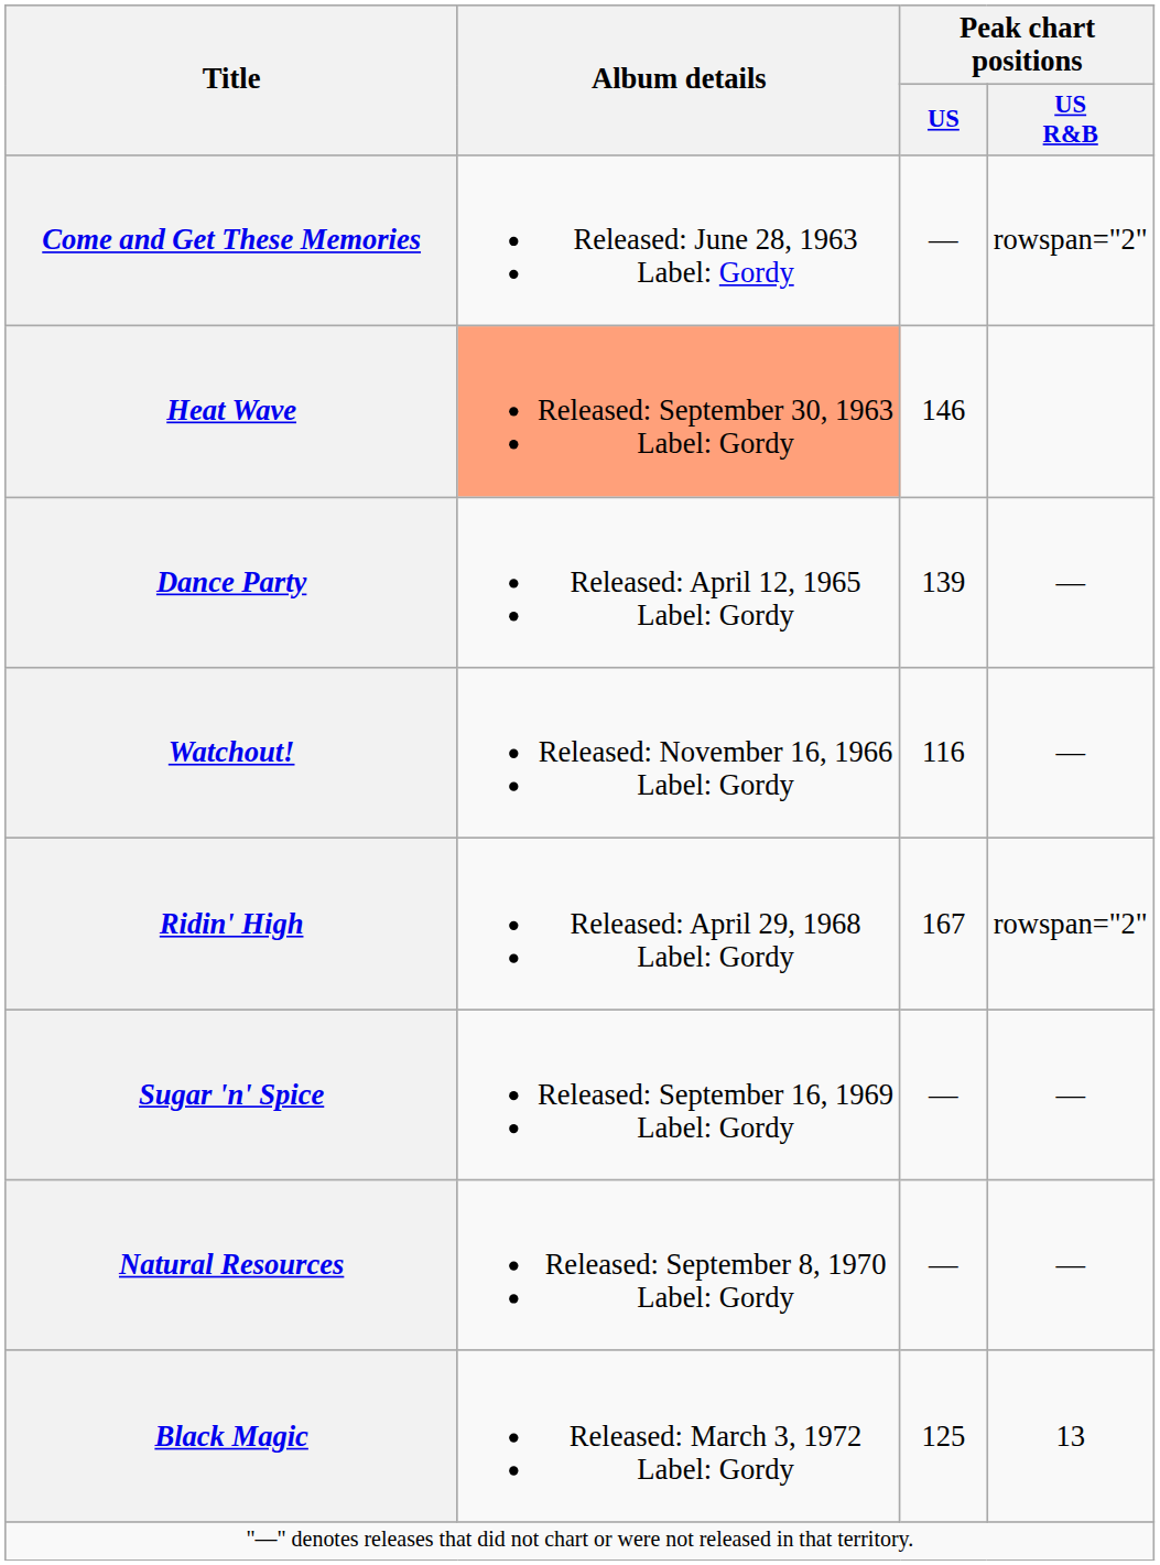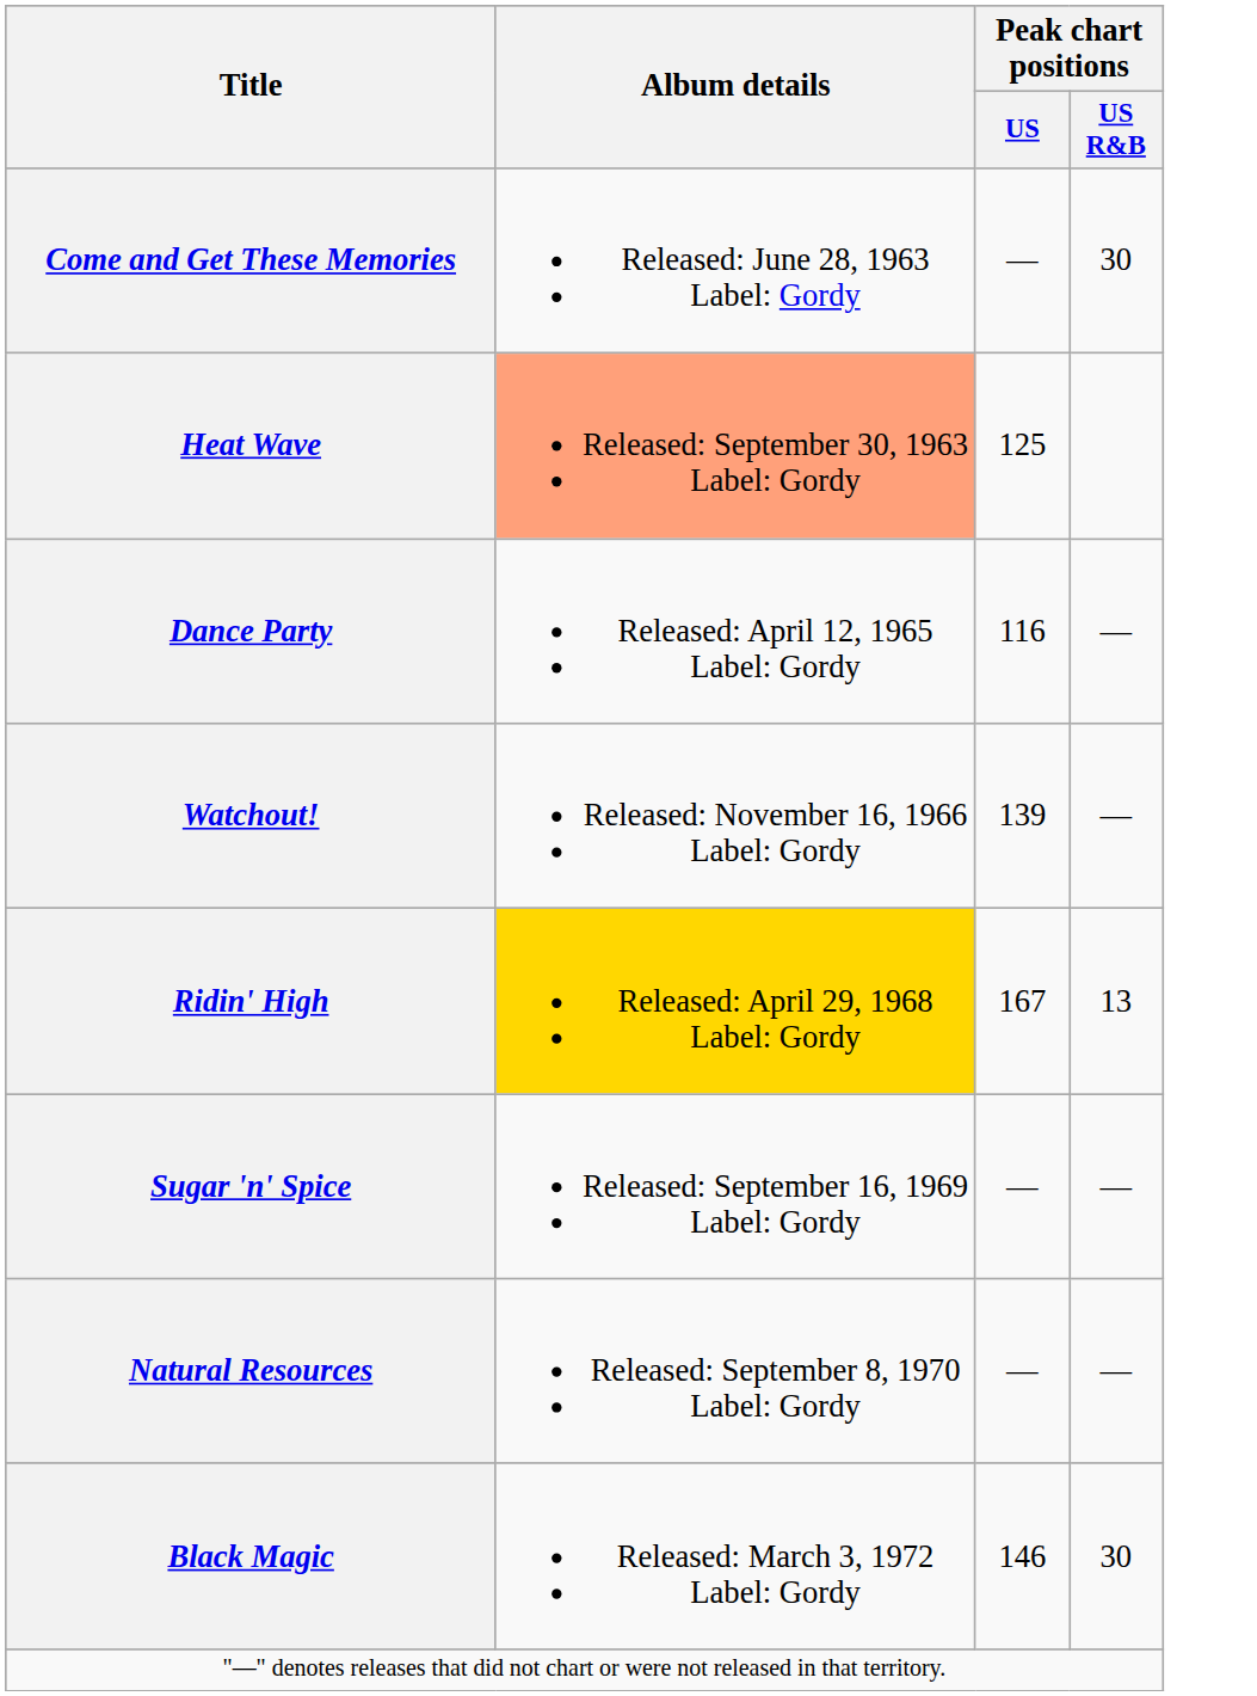 <table class="wikitable plainrowheaders" style="text-align:center;">
 <tr>
 <th rowspan="2" style="width:15em;">Title</th>
 <th rowspan="2">Album details</th>
 <th colspan="2">Peak chart positions</th>
 </tr>
 <tr>
 <th style="width:3em;font-size:85%"><a href='#'>US</a><br></th>
 <th style="width:3em;font-size:85%"><a href='#'>US<br>R&B</a><br></th>
 </tr>
 <tr>
 <th scope="row"><em><a href='#'>Come and Get These Memories</a></em></th>
 <td><br><ul><li>Released: June 28, 1963</li><li>Label: <a href='#'>Gordy</a></li></ul></td>
 <td>—</td>
-<td>rowspan="2" </td>
+<td>30</td>
 </tr>
 <tr>
 <th scope="row"><em><a href='#'>Heat Wave</a></em></th>
 <td style="background: lightsalmon;"><br><ul><li>Released: September 30, 1963</li><li>Label: Gordy</li></ul></td>
-<td>146</td>
+<td>125</td>
 </tr>
 <tr>
 <th scope="row"><em><a href='#'>Dance Party</a></em></th>
 <td><br><ul><li>Released: April 12, 1965</li><li>Label: Gordy</li></ul></td>
-<td>139</td>
+<td>116</td>
 <td>—</td>
 </tr>
 <tr>
 <th scope="row"><em><a href='#'>Watchout!</a></em></th>
 <td><br><ul><li>Released: November 16, 1966</li><li>Label: Gordy</li></ul></td>
-<td>116</td>
+<td>139</td>
 <td>—</td>
 </tr>
 <tr>
 <th scope="row"><em><a href='#'>Ridin' High</a></em></th>
-<td><br><ul><li>Released: April 29, 1968</li><li>Label: Gordy</li></ul></td>
+<td style="background: gold;"><br><ul><li>Released: April 29, 1968</li><li>Label: Gordy</li></ul></td>
 <td>167</td>
-<td>rowspan="2" </td>
+<td>13</td>
 </tr>
 <tr>
 <th scope="row"><em><a href='#'>Sugar 'n' Spice</a></em></th>
 <td><br><ul><li>Released: September 16, 1969</li><li>Label: Gordy</li></ul></td>
 <td>—</td>
 <td>—</td>
 </tr>
 <tr>
 <th scope="row"><em><a href='#'>Natural Resources</a></em></th>
 <td><br><ul><li>Released: September 8, 1970</li><li>Label: Gordy</li></ul></td>
 <td>—</td>
 <td>—</td>
 </tr>
 <tr>
 <th scope="row"><em><a href='#'>Black Magic</a></em></th>
 <td><br><ul><li>Released: March 3, 1972</li><li>Label: Gordy</li></ul></td>
-<td>125</td>
-<td>13</td>
+<td>146</td>
+<td>30</td>
 </tr>
 <tr>
 <td colspan="7" style="text-align:center; font-size:9pt;">"—" denotes releases that did not chart or were not released in that territory.</td>
 </tr>
 </table>
